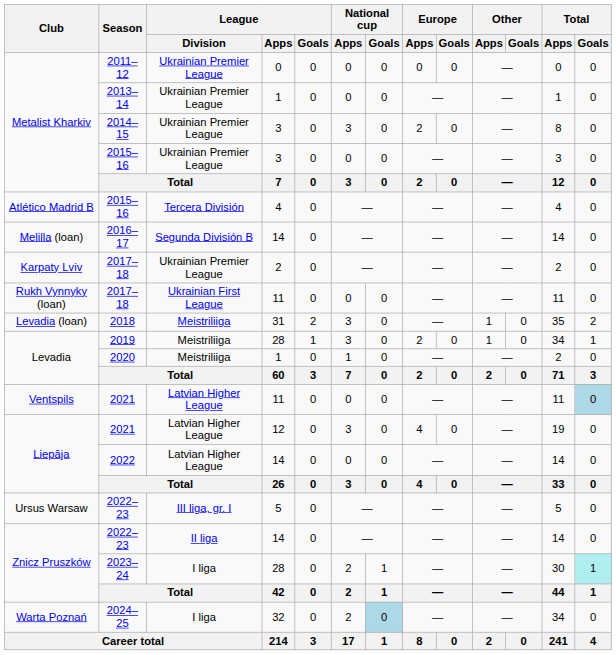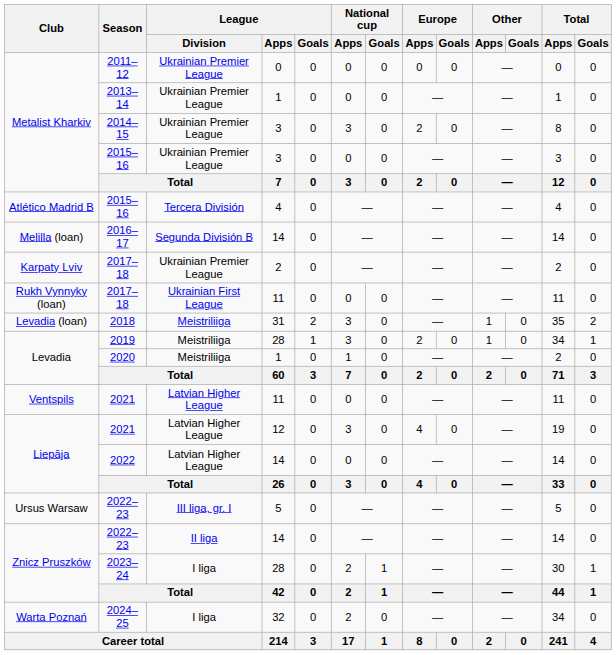 <table class="wikitable" style="text-align: center;">
 <tr>
 <th rowspan="2">Club</th>
 <th rowspan="2">Season</th>
 <th colspan="3">League</th>
 <th colspan="2">National cup</th>
 <th colspan="2">Europe</th>
 <th colspan="2">Other</th>
 <th colspan="2">Total</th>
 </tr>
 <tr>
 <th>Division</th>
 <th>Apps</th>
 <th>Goals</th>
 <th>Apps</th>
 <th>Goals</th>
 <th>Apps</th>
 <th>Goals</th>
 <th>Apps</th>
 <th>Goals</th>
 <th>Apps</th>
 <th>Goals</th>
 </tr>
 <tr>
 <td rowspan="5"><a href='#'>Metalist Kharkiv</a></td>
 <td><a href='#'>2011–12</a></td>
 <td><a href='#'>Ukrainian Premier League</a></td>
 <td>0</td>
 <td>0</td>
 <td>0</td>
 <td>0</td>
 <td>0</td>
 <td>0</td>
 <td colspan="2">—</td>
 <td>0</td>
 <td>0</td>
 </tr>
 <tr>
 <td><a href='#'>2013–14</a></td>
 <td>Ukrainian Premier League</td>
 <td>1</td>
 <td>0</td>
 <td>0</td>
 <td>0</td>
 <td colspan="2">—</td>
 <td colspan="2">—</td>
 <td>1</td>
 <td>0</td>
 </tr>
 <tr>
 <td><a href='#'>2014–15</a></td>
 <td>Ukrainian Premier League</td>
 <td>3</td>
 <td>0</td>
 <td>3</td>
 <td>0</td>
 <td>2</td>
 <td>0</td>
 <td colspan="2">—</td>
 <td>8</td>
 <td>0</td>
 </tr>
 <tr>
 <td><a href='#'>2015–16</a></td>
 <td>Ukrainian Premier League</td>
 <td>3</td>
 <td>0</td>
 <td>0</td>
 <td>0</td>
 <td colspan="2">—</td>
 <td colspan="2">—</td>
 <td>3</td>
 <td>0</td>
 </tr>
 <tr>
 <th colspan="2">Total</th>
 <th>7</th>
 <th>0</th>
 <th>3</th>
 <th>0</th>
 <th>2</th>
 <th>0</th>
 <th colspan="2">—</th>
 <th>12</th>
 <th>0</th>
 </tr>
 <tr>
 <td><a href='#'>Atlético Madrid B</a></td>
 <td><a href='#'>2015–16</a></td>
 <td><a href='#'>Tercera División</a></td>
 <td>4</td>
 <td>0</td>
 <td colspan="2">—</td>
 <td colspan="2">—</td>
 <td colspan="2">—</td>
 <td>4</td>
 <td>0</td>
 </tr>
 <tr>
 <td><a href='#'>Melilla</a> (loan)</td>
 <td><a href='#'>2016–17</a></td>
 <td><a href='#'>Segunda División B</a></td>
 <td>14</td>
 <td>0</td>
 <td colspan="2">—</td>
 <td colspan="2">—</td>
 <td colspan="2">—</td>
 <td>14</td>
 <td>0</td>
 </tr>
 <tr>
 <td><a href='#'>Karpaty Lviv</a></td>
 <td><a href='#'>2017–18</a></td>
 <td>Ukrainian Premier League</td>
 <td>2</td>
 <td>0</td>
 <td colspan="2">—</td>
 <td colspan="2">—</td>
 <td colspan="2">—</td>
 <td>2</td>
 <td>0</td>
 </tr>
 <tr>
 <td><a href='#'>Rukh Vynnyky</a> (loan)</td>
 <td><a href='#'>2017–18</a></td>
 <td><a href='#'>Ukrainian First League</a></td>
 <td>11</td>
 <td>0</td>
 <td>0</td>
 <td>0</td>
 <td colspan="2">—</td>
 <td colspan="2">—</td>
 <td>11</td>
 <td>0</td>
 </tr>
 <tr>
 <td><a href='#'>Levadia</a> (loan)</td>
 <td><a href='#'>2018</a></td>
 <td><a href='#'>Meistriliiga</a></td>
 <td>31</td>
 <td>2</td>
 <td>3</td>
 <td>0</td>
 <td colspan="2">—</td>
 <td>1</td>
 <td>0</td>
 <td>35</td>
 <td>2</td>
 </tr>
 <tr>
 <td rowspan="3">Levadia</td>
 <td><a href='#'>2019</a></td>
 <td>Meistriliiga</td>
 <td>28</td>
 <td>1</td>
 <td>3</td>
 <td>0</td>
 <td>2</td>
 <td>0</td>
 <td>1</td>
 <td>0</td>
 <td>34</td>
 <td>1</td>
 </tr>
 <tr>
 <td><a href='#'>2020</a></td>
 <td>Meistriliiga</td>
 <td>1</td>
 <td>0</td>
 <td>1</td>
 <td>0</td>
 <td colspan="2">—</td>
 <td colspan="2">—</td>
 <td>2</td>
 <td>0</td>
 </tr>
 <tr>
 <th colspan="2">Total</th>
 <th>60</th>
 <th>3</th>
 <th>7</th>
 <th>0</th>
 <th>2</th>
 <th>0</th>
 <th>2</th>
 <th>0</th>
 <th>71</th>
 <th>3</th>
 </tr>
 <tr>
 <td><a href='#'>Ventspils</a></td>
 <td><a href='#'>2021</a></td>
 <td><a href='#'>Latvian Higher League</a></td>
 <td>11</td>
 <td>0</td>
 <td>0</td>
 <td>0</td>
 <td colspan="2">—</td>
 <td colspan="2">—</td>
 <td>11</td>
-<td style="background: lightblue;">0</td>
+<td>0</td>
 </tr>
 <tr>
 <td rowspan="3"><a href='#'>Liepāja</a></td>
 <td><a href='#'>2021</a></td>
 <td>Latvian Higher League</td>
 <td>12</td>
 <td>0</td>
 <td>3</td>
 <td>0</td>
 <td>4</td>
 <td>0</td>
 <td colspan="2">—</td>
 <td>19</td>
 <td>0</td>
 </tr>
 <tr>
 <td><a href='#'>2022</a></td>
 <td>Latvian Higher League</td>
 <td>14</td>
 <td>0</td>
 <td>0</td>
 <td>0</td>
 <td colspan="2">—</td>
 <td colspan="2">—</td>
 <td>14</td>
 <td>0</td>
 </tr>
 <tr>
 <th colspan="2">Total</th>
 <th>26</th>
 <th>0</th>
 <th>3</th>
 <th>0</th>
 <th>4</th>
 <th>0</th>
 <th colspan="2">—</th>
 <th>33</th>
 <th>0</th>
 </tr>
 <tr>
 <td>Ursus Warsaw</td>
 <td><a href='#'>2022–23</a></td>
 <td><a href='#'>III liga, gr. I</a></td>
 <td>5</td>
 <td>0</td>
 <td colspan="2">—</td>
 <td colspan="2">—</td>
 <td colspan="2">—</td>
 <td>5</td>
 <td>0</td>
 </tr>
 <tr>
 <td rowspan="3"><a href='#'>Znicz Pruszków</a></td>
 <td><a href='#'>2022–23</a></td>
 <td><a href='#'>II liga</a></td>
 <td>14</td>
 <td>0</td>
 <td colspan="2">—</td>
 <td colspan="2">—</td>
 <td colspan="2">—</td>
 <td>14</td>
 <td>0</td>
 </tr>
 <tr>
 <td><a href='#'>2023–24</a></td>
 <td>I liga</td>
 <td>28</td>
 <td>0</td>
 <td>2</td>
 <td>1</td>
 <td colspan="2">—</td>
 <td colspan="2">—</td>
 <td>30</td>
-<td style="background: paleturquoise;">1</td>
+<td>1</td>
 </tr>
 <tr>
 <th colspan="2">Total</th>
 <th>42</th>
 <th>0</th>
 <th>2</th>
 <th>1</th>
 <th colspan="2">—</th>
 <th colspan="2">—</th>
 <th>44</th>
 <th>1</th>
 </tr>
 <tr>
 <td><a href='#'>Warta Poznań</a></td>
 <td><a href='#'>2024–25</a></td>
 <td>I liga</td>
 <td>32</td>
 <td>0</td>
 <td>2</td>
-<td style="background: lightblue;">0</td>
+<td>0</td>
 <td colspan="2">—</td>
 <td colspan="2">—</td>
 <td>34</td>
 <td>0</td>
 </tr>
 <tr>
 <th colspan="3">Career total</th>
 <th>214</th>
 <th>3</th>
 <th>17</th>
 <th>1</th>
 <th>8</th>
 <th>0</th>
 <th>2</th>
 <th>0</th>
 <th>241</th>
 <th>4</th>
 </tr>
 </table>
